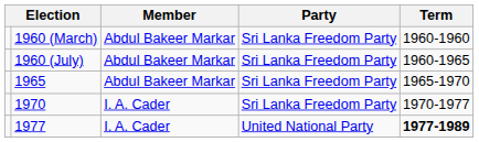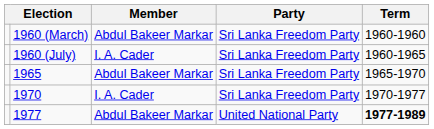 <table class="wikitable">
 <tr>
 <th colspan="2">Election</th>
 <th>Member</th>
 <th>Party</th>
 <th>Term</th>
 </tr>
 <tr>
 <td style="background-color:"></td>
 <td><a href='#'>1960 (March)</a></td>
 <td><a href='#'>Abdul Bakeer Markar</a></td>
 <td><a href='#'>Sri Lanka Freedom Party</a></td>
 <td>1960-1960</td>
 </tr>
 <tr>
 <td style="background-color:"></td>
 <td><a href='#'>1960 (July)</a></td>
-<td><a href='#'>Abdul Bakeer Markar</a></td>
+<td><a href='#'>I. A. Cader</a></td>
 <td><a href='#'>Sri Lanka Freedom Party</a></td>
 <td>1960-1965</td>
 </tr>
 <tr>
 <td style="background-color: "></td>
 <td><a href='#'>1965</a></td>
 <td><a href='#'>Abdul Bakeer Markar</a></td>
 <td><a href='#'>Sri Lanka Freedom Party</a></td>
 <td>1965-1970</td>
 </tr>
 <tr>
 <td style="background-color:"></td>
 <td><a href='#'>1970</a></td>
 <td><a href='#'>I. A. Cader</a></td>
 <td><a href='#'>Sri Lanka Freedom Party</a></td>
 <td>1970-1977</td>
 </tr>
 <tr>
 <td style="background-color: "></td>
 <td><a href='#'>1977</a></td>
-<td><a href='#'>I. A. Cader</a></td>
+<td><a href='#'>Abdul Bakeer Markar</a></td>
 <td><a href='#'>United National Party</a></td>
 <td><strong>1977-1989</strong></td>
 </tr>
 </table>
